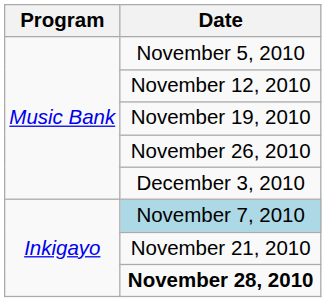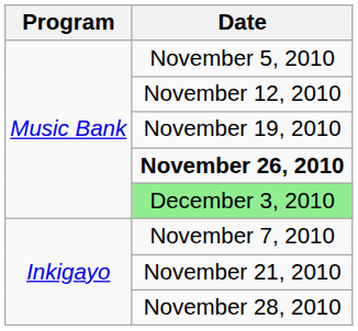 <table class="wikitable" style="text-align:center">
 <tr>
 <th>Program</th>
 <th width="150">Date</th>
 </tr>
 <tr>
 <td rowspan="5"><a href='#'><em>Music Bank</em></a></td>
 <td>November 5, 2010</td>
 </tr>
 <tr>
 <td>November 12, 2010</td>
 </tr>
 <tr>
 <td>November 19, 2010</td>
 </tr>
 <tr>
-<td>November 26, 2010</td>
+<td><strong>November 26, 2010</strong></td>
 </tr>
 <tr>
-<td>December 3, 2010</td>
+<td style="background: lightgreen;">December 3, 2010</td>
 </tr>
 <tr>
 <td rowspan="3"><em><a href='#'>Inkigayo</a></em></td>
-<td style="background: lightblue;">November 7, 2010</td>
+<td>November 7, 2010</td>
 </tr>
 <tr>
 <td>November 21, 2010</td>
 </tr>
 <tr>
-<td><strong>November 28, 2010</strong></td>
+<td>November 28, 2010</td>
 </tr>
 </table>
